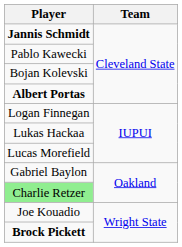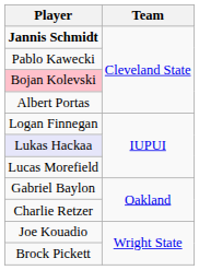 <table class="wikitable" style="text-align: center;">
 <tr>
 <th>Player</th>
 <th>Team</th>
 </tr>
 <tr>
 <td><strong>Jannis Schmidt</strong></td>
 <td rowspan=4><a href='#'>Cleveland State</a></td>
 </tr>
 <tr>
 <td>Pablo Kawecki</td>
 </tr>
 <tr>
-<td>Bojan Kolevski</td>
+<td style="background: pink;">Bojan Kolevski</td>
 </tr>
 <tr>
-<td><strong>Albert Portas</strong></td>
+<td>Albert Portas</td>
 </tr>
 <tr>
 <td>Logan Finnegan</td>
 <td rowspan=3><a href='#'>IUPUI</a></td>
 </tr>
 <tr>
-<td>Lukas Hackaa</td>
+<td style="background: lavender;">Lukas Hackaa</td>
 </tr>
 <tr>
 <td>Lucas Morefield</td>
 </tr>
 <tr>
 <td>Gabriel Baylon</td>
 <td rowspan=2><a href='#'>Oakland</a></td>
 </tr>
 <tr>
-<td style="background: lightgreen;">Charlie Retzer</td>
+<td>Charlie Retzer</td>
 </tr>
 <tr>
 <td>Joe Kouadio</td>
 <td rowspan=2><a href='#'>Wright State</a></td>
 </tr>
 <tr>
-<td><strong>Brock Pickett</strong></td>
+<td>Brock Pickett</td>
 </tr>
 </table>
